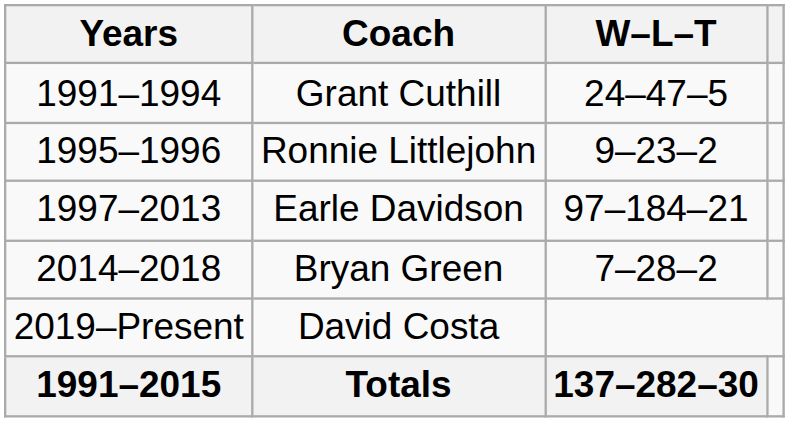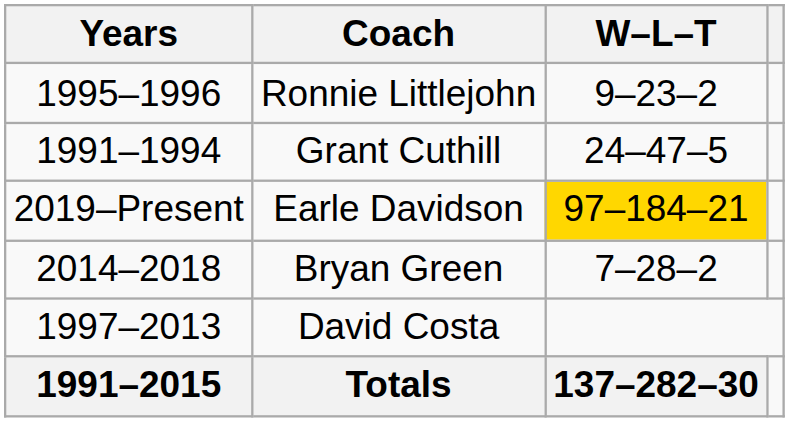 <table class="wikitable" style="text-align:center; width  %;">
 <tr>
 <th width=px>Years</th>
 <th width=px>Coach</th>
 <th width=px>W–L–T</th>
 <th width=px></th>
 </tr>
 <tr>
+<td>1995–1996</td>
+<td>Ronnie Littlejohn</td>
+<td>9–23–2</td>
+<td></td>
+</tr>
+<tr>
 <td>1991–1994</td>
 <td>Grant Cuthill</td>
 <td>24–47–5</td>
 <td></td>
 </tr>
 <tr>
-<td>1995–1996</td>
-<td>Ronnie Littlejohn</td>
-<td>9–23–2</td>
-<td></td>
-</tr>
-<tr>
-<td>1997–2013</td>
+<td>2019–Present</td>
 <td>Earle Davidson</td>
-<td>97–184–21</td>
+<td style="background: gold;">97–184–21</td>
 <td></td>
 </tr>
 <tr>
 <td>2014–2018</td>
 <td>Bryan Green</td>
 <td>7–28–2</td>
 <td></td>
 </tr>
 <tr>
-<td>2019–Present</td>
+<td>1997–2013</td>
 <td>David Costa</td>
 </tr>
 <tr>
 <th>1991–2015</th>
 <th>Totals</th>
 <th>137–282–30</th>
 <td></td>
 </tr>
 </table>
